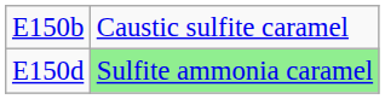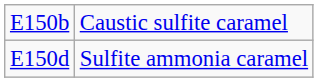 <table class="wikitable">
 <tr>
 <td><a href='#'>E150b</a></td>
 <td><a href='#'>Caustic sulfite caramel</a></td>
 </tr>
 <tr>
 <td><a href='#'>E150d</a></td>
-<td style="background: lightgreen;"><a href='#'>Sulfite ammonia caramel</a></td>
+<td><a href='#'>Sulfite ammonia caramel</a></td>
 </tr>
 </table>
